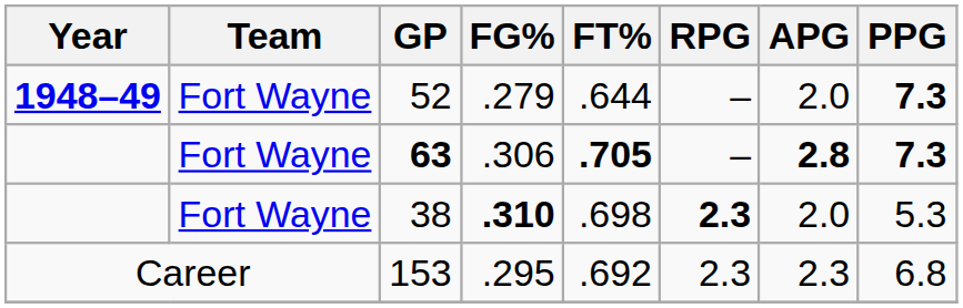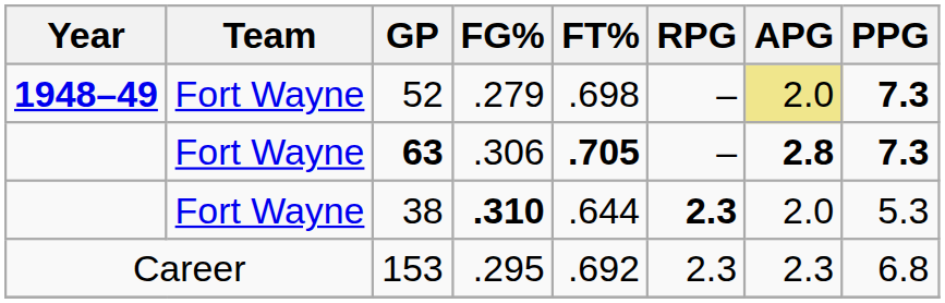 <table class="wikitable sortable" style="font-size:95%; text-align:right;">
 <tr>
 <th>Year</th>
 <th>Team</th>
 <th>GP</th>
 <th>FG%</th>
 <th>FT%</th>
 <th>RPG</th>
 <th>APG</th>
 <th>PPG</th>
 </tr>
 <tr>
 <td style="text-align:left;"><strong><a href='#'>1948–49</a></strong></td>
 <td style="text-align:left;"><a href='#'>Fort Wayne</a></td>
 <td>52</td>
 <td>.279</td>
-<td>.644</td>
+<td>.698</td>
 <td>–</td>
-<td>2.0</td>
+<td style="background: khaki;">2.0</td>
 <td><strong>7.3</strong></td>
 </tr>
 <tr>
 <td style="text-align:left;"></td>
 <td style="text-align:left;"><a href='#'>Fort Wayne</a></td>
 <td><strong>63</strong></td>
 <td>.306</td>
 <td><strong>.705</strong></td>
 <td>–</td>
 <td><strong>2.8</strong></td>
 <td><strong>7.3</strong></td>
 </tr>
 <tr>
 <td style="text-align:left;"></td>
 <td style="text-align:left;"><a href='#'>Fort Wayne</a></td>
 <td>38</td>
 <td><strong>.310</strong></td>
-<td>.698</td>
+<td>.644</td>
 <td><strong>2.3</strong></td>
 <td>2.0</td>
 <td>5.3</td>
 </tr>
 <tr>
 <td style="text-align:center;" colspan="2">Career</td>
 <td>153</td>
 <td>.295</td>
 <td>.692</td>
 <td>2.3</td>
 <td>2.3</td>
 <td>6.8</td>
 </tr>
 <tr>
 </tr>
 </table>
